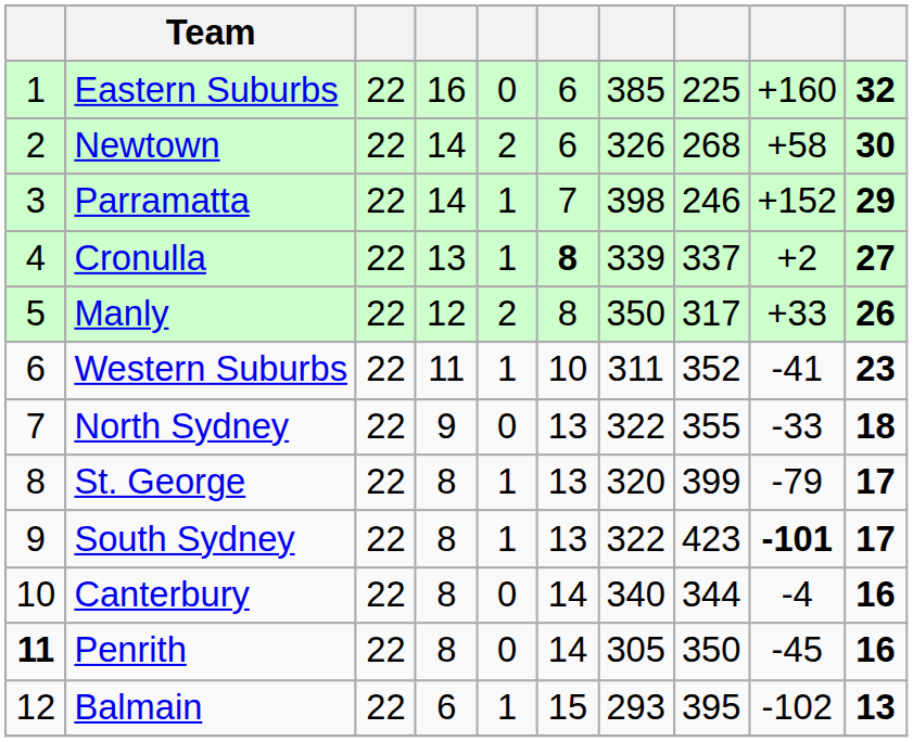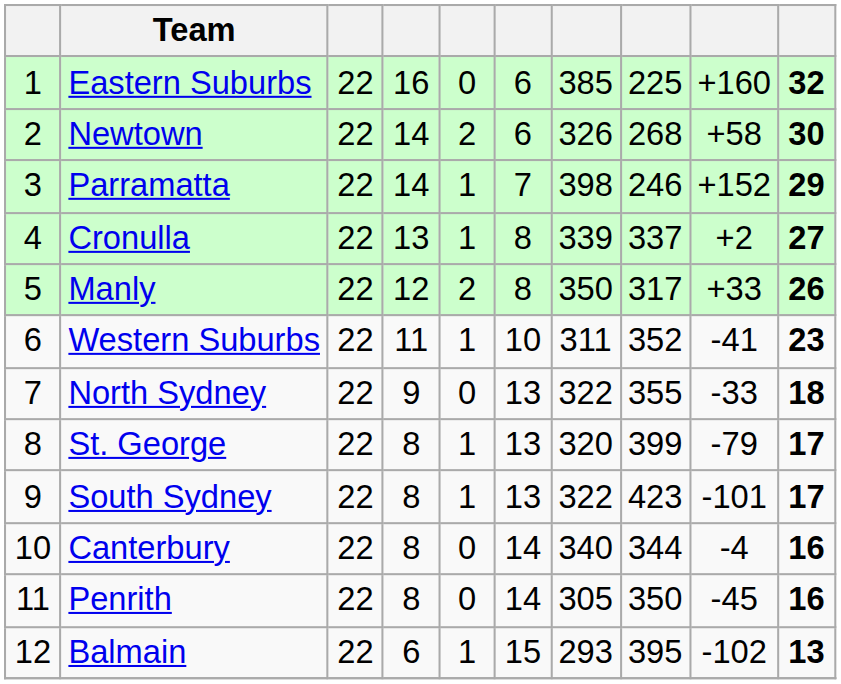 <table class="wikitable" style="text-align:center;">
 <tr>
 <th width="20"></th>
 <th>Team</th>
 <th width="20"></th>
 <th width="20"></th>
 <th width="20"></th>
 <th width="20"></th>
 <th width="25"></th>
 <th width="25"></th>
 <th width="30"></th>
 <th width="20"></th>
 </tr>
 <tr style="background: #ccffcc;">
 <td>1</td>
 <td style="text-align:left;"> <a href='#'>Eastern Suburbs</a></td>
 <td>22</td>
 <td>16</td>
 <td>0</td>
 <td>6</td>
 <td>385</td>
 <td>225</td>
 <td>+160</td>
 <td><strong>32</strong></td>
 </tr>
 <tr style="background: #ccffcc;">
 <td>2</td>
 <td style="text-align:left;"> <a href='#'>Newtown</a></td>
 <td>22</td>
 <td>14</td>
 <td>2</td>
 <td>6</td>
 <td>326</td>
 <td>268</td>
 <td>+58</td>
 <td><strong>30</strong></td>
 </tr>
 <tr style="background: #ccffcc;">
 <td>3</td>
 <td style="text-align:left;"> <a href='#'>Parramatta</a></td>
 <td>22</td>
 <td>14</td>
 <td>1</td>
 <td>7</td>
 <td>398</td>
 <td>246</td>
 <td>+152</td>
 <td><strong>29</strong></td>
 </tr>
 <tr style="background: #ccffcc;">
 <td>4</td>
 <td style="text-align:left;"> <a href='#'>Cronulla</a></td>
 <td>22</td>
 <td>13</td>
 <td>1</td>
-<td><strong>8</strong></td>
+<td>8</td>
 <td>339</td>
 <td>337</td>
 <td>+2</td>
 <td><strong>27</strong></td>
 </tr>
 <tr style="background: #ccffcc;">
 <td>5</td>
 <td style="text-align:left;"> <a href='#'>Manly</a></td>
 <td>22</td>
 <td>12</td>
 <td>2</td>
 <td>8</td>
 <td>350</td>
 <td>317</td>
 <td>+33</td>
 <td><strong>26</strong></td>
 </tr>
 <tr>
 <td>6</td>
 <td style="text-align:left;"> <a href='#'>Western Suburbs</a></td>
 <td>22</td>
 <td>11</td>
 <td>1</td>
 <td>10</td>
 <td>311</td>
 <td>352</td>
 <td>-41</td>
 <td><strong>23</strong></td>
 </tr>
 <tr>
 <td>7</td>
 <td style="text-align:left;"> <a href='#'>North Sydney</a></td>
 <td>22</td>
 <td>9</td>
 <td>0</td>
 <td>13</td>
 <td>322</td>
 <td>355</td>
 <td>-33</td>
 <td><strong>18</strong></td>
 </tr>
 <tr>
 <td>8</td>
 <td style="text-align:left;"> <a href='#'>St. George</a></td>
 <td>22</td>
 <td>8</td>
 <td>1</td>
 <td>13</td>
 <td>320</td>
 <td>399</td>
 <td>-79</td>
 <td><strong>17</strong></td>
 </tr>
 <tr>
 <td>9</td>
 <td style="text-align:left;"> <a href='#'>South Sydney</a></td>
 <td>22</td>
 <td>8</td>
 <td>1</td>
 <td>13</td>
 <td>322</td>
 <td>423</td>
-<td><strong>-101</strong></td>
+<td>-101</td>
 <td><strong>17</strong></td>
 </tr>
 <tr>
 <td>10</td>
 <td style="text-align:left;"> <a href='#'>Canterbury</a></td>
 <td>22</td>
 <td>8</td>
 <td>0</td>
 <td>14</td>
 <td>340</td>
 <td>344</td>
 <td>-4</td>
 <td><strong>16</strong></td>
 </tr>
 <tr>
-<td><strong>11</strong></td>
+<td>11</td>
 <td style="text-align:left;"> <a href='#'>Penrith</a></td>
 <td>22</td>
 <td>8</td>
 <td>0</td>
 <td>14</td>
 <td>305</td>
 <td>350</td>
 <td>-45</td>
 <td><strong>16</strong></td>
 </tr>
 <tr>
 <td>12</td>
 <td style="text-align:left;"> <a href='#'>Balmain</a></td>
 <td>22</td>
 <td>6</td>
 <td>1</td>
 <td>15</td>
 <td>293</td>
 <td>395</td>
 <td>-102</td>
 <td><strong>13</strong></td>
 </tr>
 <tr>
 </tr>
 </table>
